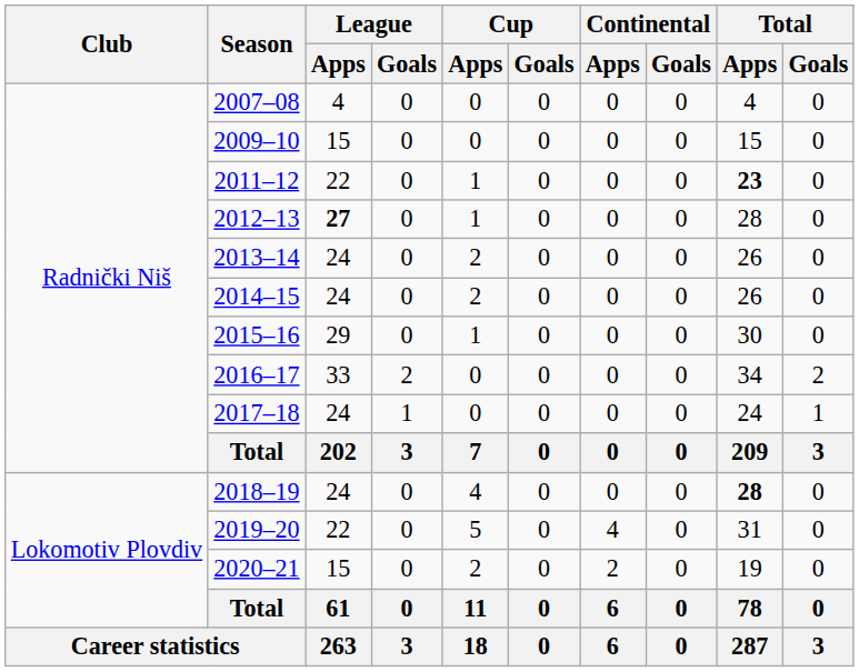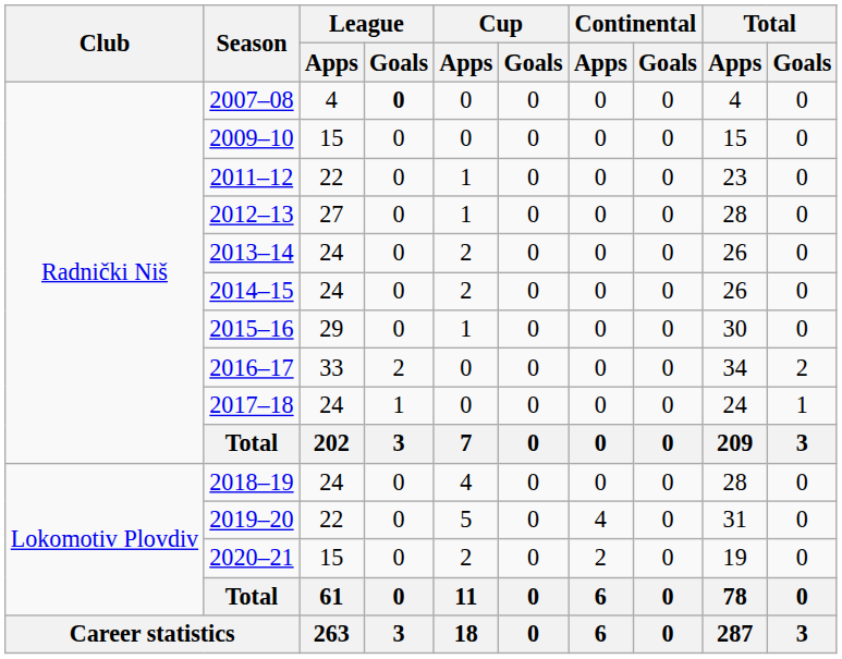 <table class="wikitable" style="text-align:center">
 <tr>
 <th rowspan="2">Club</th>
 <th rowspan="2">Season</th>
 <th colspan="2">League</th>
 <th colspan="2">Cup</th>
 <th colspan="2">Continental</th>
 <th colspan="2">Total</th>
 </tr>
 <tr>
 <th>Apps</th>
 <th>Goals</th>
 <th>Apps</th>
 <th>Goals</th>
 <th>Apps</th>
 <th>Goals</th>
 <th>Apps</th>
 <th>Goals</th>
 </tr>
 <tr>
 <td rowspan="10"><a href='#'>Radnički Niš</a></td>
 <td><a href='#'>2007–08</a></td>
 <td>4</td>
-<td>0</td>
+<td><strong>0</strong></td>
 <td>0</td>
 <td>0</td>
 <td>0</td>
 <td>0</td>
 <td>4</td>
 <td>0</td>
 </tr>
 <tr>
 <td><a href='#'>2009–10</a></td>
 <td>15</td>
 <td>0</td>
 <td>0</td>
 <td>0</td>
 <td>0</td>
 <td>0</td>
 <td>15</td>
 <td>0</td>
 </tr>
 <tr>
 <td><a href='#'>2011–12</a></td>
 <td>22</td>
 <td>0</td>
 <td>1</td>
 <td>0</td>
 <td>0</td>
 <td>0</td>
-<td><strong>23</strong></td>
+<td>23</td>
 <td>0</td>
 </tr>
 <tr>
 <td><a href='#'>2012–13</a></td>
-<td><strong>27</strong></td>
+<td>27</td>
 <td>0</td>
 <td>1</td>
 <td>0</td>
 <td>0</td>
 <td>0</td>
 <td>28</td>
 <td>0</td>
 </tr>
 <tr>
 <td><a href='#'>2013–14</a></td>
 <td>24</td>
 <td>0</td>
 <td>2</td>
 <td>0</td>
 <td>0</td>
 <td>0</td>
 <td>26</td>
 <td>0</td>
 </tr>
 <tr>
 <td><a href='#'>2014–15</a></td>
 <td>24</td>
 <td>0</td>
 <td>2</td>
 <td>0</td>
 <td>0</td>
 <td>0</td>
 <td>26</td>
 <td>0</td>
 </tr>
 <tr>
 <td><a href='#'>2015–16</a></td>
 <td>29</td>
 <td>0</td>
 <td>1</td>
 <td>0</td>
 <td>0</td>
 <td>0</td>
 <td>30</td>
 <td>0</td>
 </tr>
 <tr>
 <td><a href='#'>2016–17</a></td>
 <td>33</td>
 <td>2</td>
 <td>0</td>
 <td>0</td>
 <td>0</td>
 <td>0</td>
 <td>34</td>
 <td>2</td>
 </tr>
 <tr>
 <td><a href='#'>2017–18</a></td>
 <td>24</td>
 <td>1</td>
 <td>0</td>
 <td>0</td>
 <td>0</td>
 <td>0</td>
 <td>24</td>
 <td>1</td>
 </tr>
 <tr>
 <th colspan=1>Total</th>
 <th>202</th>
 <th>3</th>
 <th>7</th>
 <th>0</th>
 <th>0</th>
 <th>0</th>
 <th>209</th>
 <th>3</th>
 </tr>
 <tr>
 <td rowspan="4"><a href='#'>Lokomotiv Plovdiv</a></td>
 <td><a href='#'>2018–19</a></td>
 <td>24</td>
 <td>0</td>
 <td>4</td>
 <td>0</td>
 <td>0</td>
 <td>0</td>
-<td><strong>28</strong></td>
+<td>28</td>
 <td>0</td>
 </tr>
 <tr>
 <td><a href='#'>2019–20</a></td>
 <td>22</td>
 <td>0</td>
 <td>5</td>
 <td>0</td>
 <td>4</td>
 <td>0</td>
 <td>31</td>
 <td>0</td>
 </tr>
 <tr>
 <td><a href='#'>2020–21</a></td>
 <td>15</td>
 <td>0</td>
 <td>2</td>
 <td>0</td>
 <td>2</td>
 <td>0</td>
 <td>19</td>
 <td>0</td>
 </tr>
 <tr>
 <th colspan=1>Total</th>
 <th>61</th>
 <th>0</th>
 <th>11</th>
 <th>0</th>
 <th>6</th>
 <th>0</th>
 <th>78</th>
 <th>0</th>
 </tr>
 <tr>
 <th colspan="2">Career statistics</th>
 <th>263</th>
 <th>3</th>
 <th>18</th>
 <th>0</th>
 <th>6</th>
 <th>0</th>
 <th>287</th>
 <th>3</th>
 </tr>
 </table>
